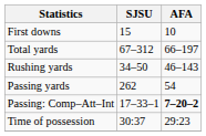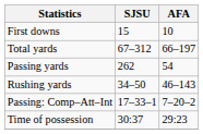 <table class="wikitable" style="float: left;">
 <tr>
 <th>Statistics</th>
 <th>SJSU</th>
 <th>AFA</th>
 </tr>
 <tr>
 <td>First downs</td>
 <td>15</td>
 <td>10</td>
 </tr>
 <tr>
 <td>Total yards</td>
 <td>67–312</td>
 <td>66–197</td>
 </tr>
 <tr>
+<td>Passing yards</td>
+<td>262</td>
+<td>54</td>
+</tr>
+<tr>
 <td>Rushing yards</td>
 <td>34–50</td>
 <td>46–143</td>
 </tr>
 <tr>
-<td>Passing yards</td>
-<td>262</td>
-<td>54</td>
-</tr>
-<tr>
 <td>Passing: Comp–Att–Int</td>
 <td>17–33–1</td>
-<td><strong>7–20–2</strong></td>
+<td>7–20–2</td>
 </tr>
 <tr>
 <td>Time of possession</td>
 <td>30:37</td>
 <td>29:23</td>
 </tr>
 <tr>
 </tr>
 </table>
